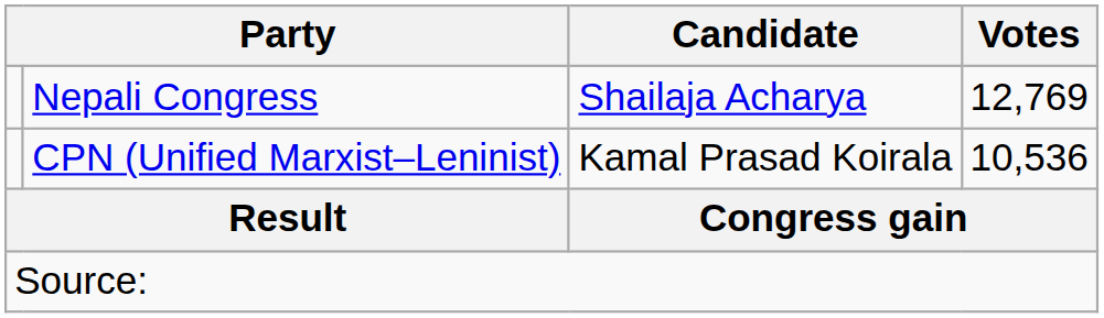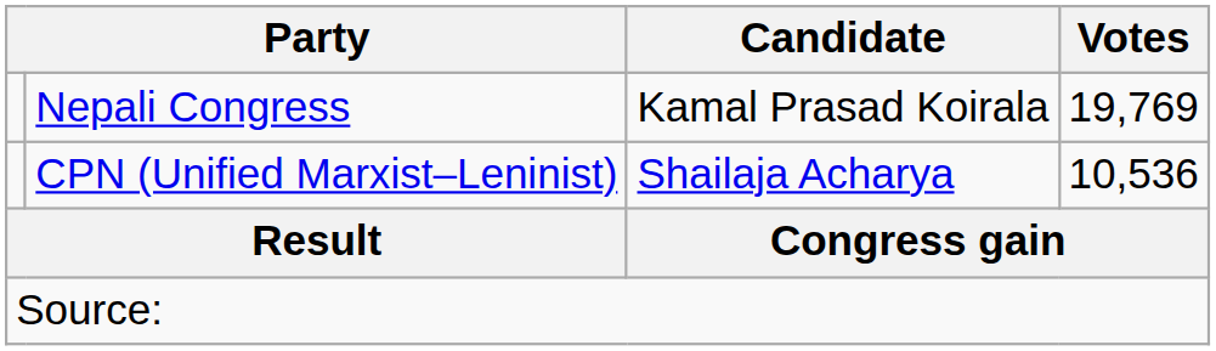 <table class="wikitable">
 <tr>
 <th colspan="2">Party</th>
 <th>Candidate</th>
 <th>Votes</th>
 </tr>
 <tr>
 <td style="background-color:"></td>
 <td><a href='#'>Nepali Congress</a></td>
-<td><a href='#'>Shailaja Acharya</a></td>
-<td>12,769</td>
+<td>Kamal Prasad Koirala</td>
+<td>19,769</td>
 </tr>
 <tr>
 <td style="background-color:"></td>
 <td><a href='#'>CPN (Unified Marxist–Leninist)</a></td>
-<td>Kamal Prasad Koirala</td>
+<td><a href='#'>Shailaja Acharya</a></td>
 <td>10,536</td>
 </tr>
 <tr>
 <th colspan="2">Result</th>
 <th colspan="2">Congress gain</th>
 </tr>
 <tr>
 <td colspan="4">Source: </td>
 </tr>
 </table>
